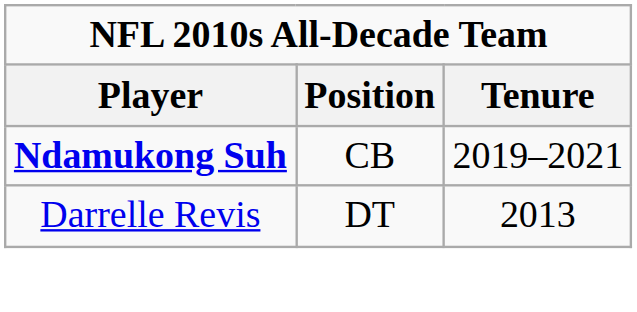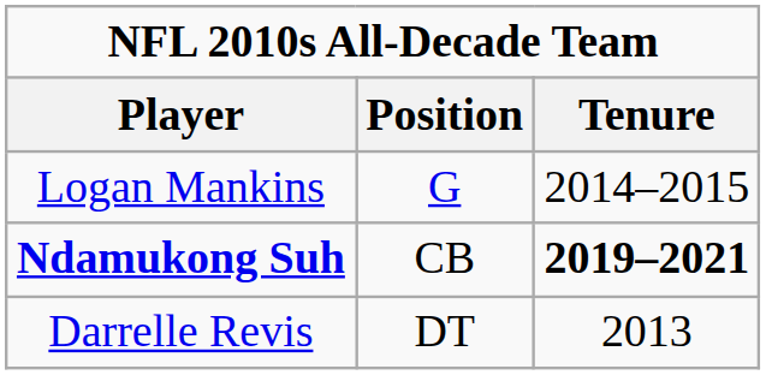 <table class="wikitable" style="text-align:center">
 <tr>
 <td colspan="3"><strong>NFL 2010s All-Decade Team</strong></td>
 </tr>
 <tr>
 <th>Player</th>
 <th>Position</th>
 <th>Tenure</th>
 </tr>
 <tr>
+<td><a href='#'>Logan Mankins</a></td>
+<td><a href='#'>G</a></td>
+<td>2014–2015</td>
+</tr>
+<tr>
 <td><strong><a href='#'>Ndamukong Suh</a></strong></td>
 <td>CB</td>
-<td>2019–2021</td>
+<td><strong>2019–2021</strong></td>
 </tr>
 <tr>
 <td><a href='#'>Darrelle Revis</a></td>
 <td>DT</td>
 <td>2013</td>
 </tr>
 </table>
